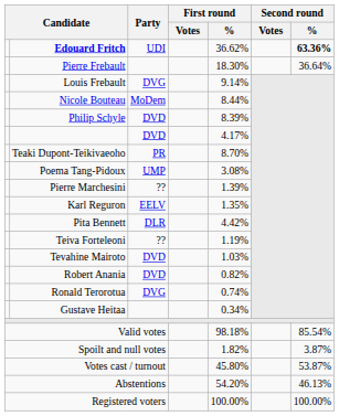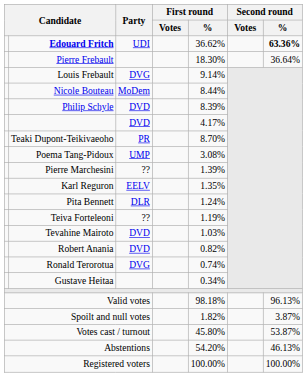 <table class="wikitable" style="text-align:right;font-size:95%;">
 <tr>
 <th rowspan=2 colspan=2>Candidate</th>
 <th rowspan=2 colspan=1>Party</th>
 <th colspan=2>First round</th>
 <th colspan=2>Second round</th>
 </tr>
 <tr>
 <th style="width:50px;">Votes</th>
 <th style="width:55px;">%</th>
 <th style="width:50px;">Votes</th>
 <th style="width:55px;">%</th>
 </tr>
 <tr>
 <td style="color:inherit;background-color:"></td>
 <td><strong><a href='#'>Edouard Fritch</a></strong></td>
 <td><a href='#'>UDI</a></td>
 <td></td>
 <td>36.62%</td>
 <td><strong></strong></td>
 <td><strong>63.36%</strong></td>
 </tr>
 <tr>
 <td style="background-color:;"></td>
 <td><a href='#'>Pierre Frebault</a></td>
 <td></td>
 <td></td>
 <td>18.30%</td>
 <td></td>
 <td>36.64%</td>
 </tr>
 <tr>
 <td style="color:inherit;background-color:"></td>
 <td>Louis Frebault</td>
 <td><a href='#'>DVG</a></td>
 <td></td>
 <td>9.14%</td>
 <td colspan=7 rowspan=14 style="background-color:#E9E9E9;"></td>
 </tr>
 <tr>
 <td style="color:inherit;background-color:"></td>
 <td><a href='#'>Nicole Bouteau</a></td>
 <td><a href='#'>MoDem</a></td>
 <td></td>
 <td>8.44%</td>
 </tr>
 <tr>
 <td style="color:inherit;background-color:"></td>
 <td><a href='#'>Philip Schyle</a></td>
 <td><a href='#'>DVD</a></td>
 <td></td>
 <td>8.39%</td>
 </tr>
 <tr>
 <td style="color:inherit;background-color:"></td>
 <td></td>
 <td><a href='#'>DVD</a></td>
 <td></td>
 <td>4.17%</td>
 </tr>
 <tr>
 <td style="color:inherit;background-color:"></td>
 <td>Teaki Dupont-Teikivaeoho</td>
 <td><a href='#'>PR</a></td>
 <td></td>
 <td>8.70%</td>
 </tr>
 <tr>
 <td style="color:inherit;background-color:"></td>
 <td>Poema Tang-Pidoux</td>
 <td><a href='#'>UMP</a></td>
 <td></td>
 <td>3.08%</td>
 </tr>
 <tr>
 <td style="background-color:;"></td>
 <td>Pierre Marchesini</td>
 <td>??</td>
 <td></td>
 <td>1.39%</td>
 </tr>
 <tr>
 <td style="color:inherit;background-color:"></td>
 <td>Karl Reguron</td>
 <td><a href='#'>EELV</a></td>
 <td></td>
 <td>1.35%</td>
 </tr>
 <tr>
 <td style="color:inherit;background-color:"></td>
 <td>Pita Bennett</td>
 <td><a href='#'>DLR</a></td>
 <td></td>
-<td>4.42%</td>
+<td>1.24%</td>
 </tr>
 <tr>
 <td style="background-color:;"></td>
 <td>Teiva Forteleoni</td>
 <td>??</td>
 <td></td>
 <td>1.19%</td>
 </tr>
 <tr>
 <td style="color:inherit;background-color:"></td>
 <td>Tevahine Mairoto</td>
 <td><a href='#'>DVD</a></td>
 <td></td>
 <td>1.03%</td>
 </tr>
 <tr>
 <td style="color:inherit;background-color:"></td>
 <td>Robert Anania</td>
 <td><a href='#'>DVD</a></td>
 <td></td>
 <td>0.82%</td>
 </tr>
 <tr>
 <td style="color:inherit;background-color:"></td>
 <td>Ronald Terorotua</td>
 <td><a href='#'>DVG</a></td>
 <td></td>
 <td>0.74%</td>
 </tr>
 <tr>
 <td style="background-color:;"></td>
 <td>Gustave Heitaa</td>
 <td></td>
 <td></td>
 <td>0.34%</td>
 </tr>
 <tr>
 <td colspan=7 style="background-color:#E9E9E9;"></td>
 </tr>
 <tr>
 <td colspan=3>Valid votes</td>
 <td></td>
 <td>98.18%</td>
 <td></td>
-<td>85.54%</td>
+<td>96.13%</td>
 </tr>
 <tr>
 <td colspan=3>Spoilt and null votes</td>
 <td></td>
 <td>1.82%</td>
 <td></td>
 <td>3.87%</td>
 </tr>
 <tr>
 <td colspan=3>Votes cast / turnout</td>
 <td></td>
 <td>45.80%</td>
 <td></td>
 <td>53.87%</td>
 </tr>
 <tr>
 <td colspan=3>Abstentions</td>
 <td></td>
 <td>54.20%</td>
 <td></td>
 <td>46.13%</td>
 </tr>
 <tr>
 <td colspan=3>Registered voters</td>
 <td></td>
 <td>100.00%</td>
 <td></td>
 <td>100.00%</td>
 </tr>
 </table>
